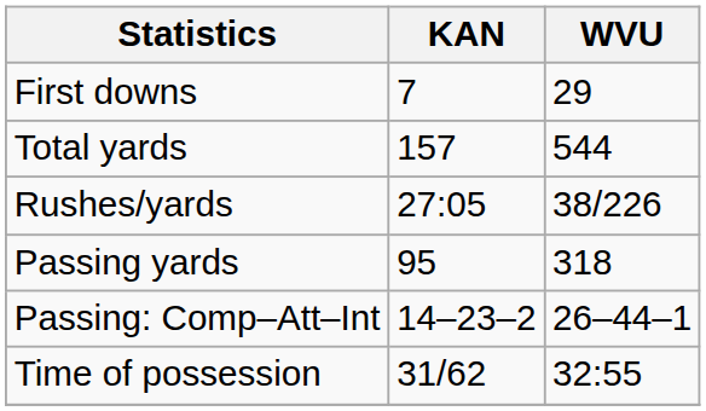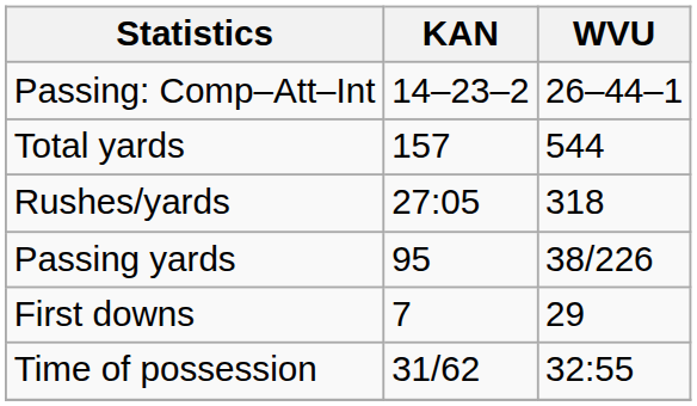 <table class="wikitable" style="float: left;">
 <tr>
 <th>Statistics</th>
 <th>KAN</th>
 <th>WVU</th>
 </tr>
 <tr>
-<td>First downs</td>
-<td>7</td>
-<td>29</td>
+<td>Passing: Comp–Att–Int</td>
+<td>14–23–2</td>
+<td>26–44–1</td>
 </tr>
 <tr>
 <td>Total yards</td>
 <td>157</td>
 <td>544</td>
 </tr>
 <tr>
 <td>Rushes/yards</td>
 <td>27:05</td>
-<td>38/226</td>
+<td>318</td>
 </tr>
 <tr>
 <td>Passing yards</td>
 <td>95</td>
-<td>318</td>
+<td>38/226</td>
 </tr>
 <tr>
-<td>Passing: Comp–Att–Int</td>
-<td>14–23–2</td>
-<td>26–44–1</td>
+<td>First downs</td>
+<td>7</td>
+<td>29</td>
 </tr>
 <tr>
 <td>Time of possession</td>
 <td>31/62</td>
 <td>32:55</td>
 </tr>
 <tr>
 </tr>
 </table>
